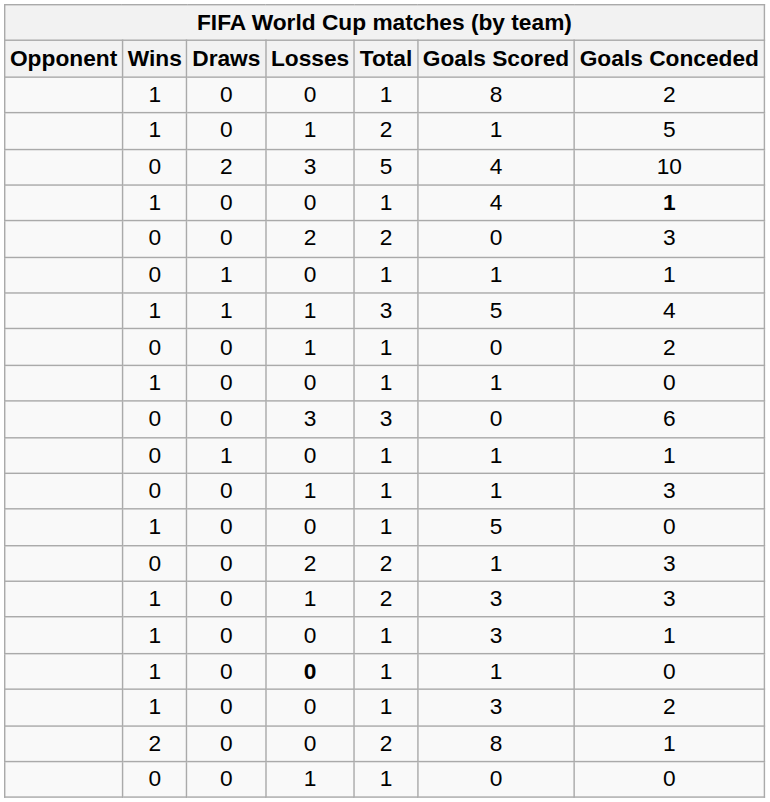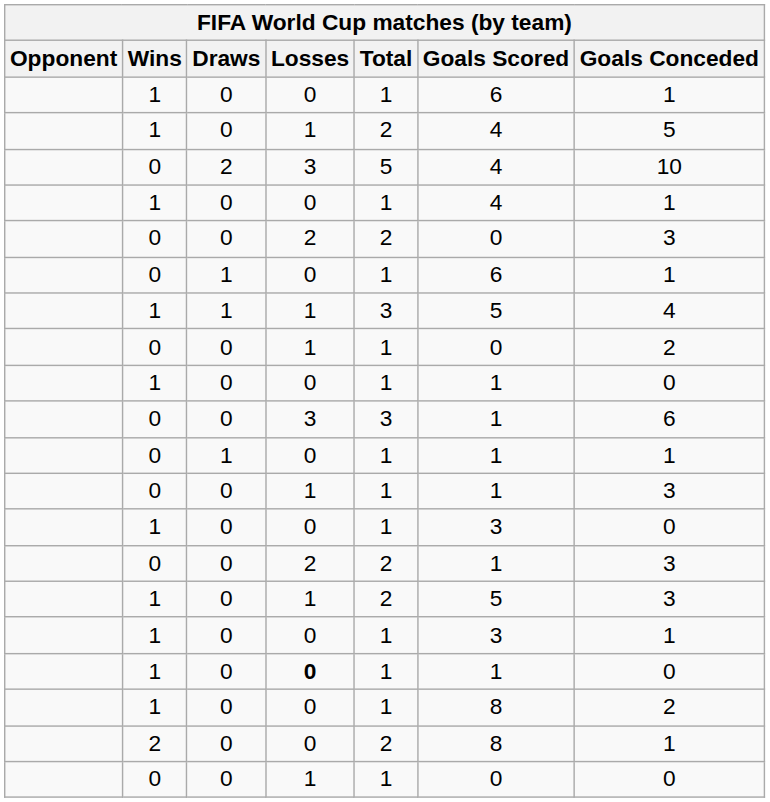 <table class="wikitable sortable" style="text-align: center;">
 <tr>
 <th colspan=7>FIFA World Cup matches (by team)</th>
 </tr>
 <tr>
 <th>Opponent</th>
 <th>Wins</th>
 <th>Draws</th>
 <th>Losses</th>
 <th>Total</th>
 <th>Goals Scored</th>
 <th>Goals Conceded</th>
 </tr>
 <tr>
 <td align="left"></td>
 <td>1</td>
 <td>0</td>
 <td>0</td>
 <td>1</td>
-<td>8</td>
-<td>2</td>
+<td>6</td>
+<td>1</td>
 </tr>
 <tr>
 <td align="left"></td>
 <td>1</td>
 <td>0</td>
 <td>1</td>
 <td>2</td>
-<td>1</td>
+<td>4</td>
 <td>5</td>
 </tr>
 <tr>
 <td align="left"></td>
 <td>0</td>
 <td>2</td>
 <td>3</td>
 <td>5</td>
 <td>4</td>
 <td>10</td>
 </tr>
 <tr>
 <td align="left"></td>
 <td>1</td>
 <td>0</td>
 <td>0</td>
 <td>1</td>
 <td>4</td>
-<td><strong>1</strong></td>
+<td>1</td>
 </tr>
 <tr>
 <td align="left"></td>
 <td>0</td>
 <td>0</td>
 <td>2</td>
 <td>2</td>
 <td>0</td>
 <td>3</td>
 </tr>
 <tr>
 <td align="left"></td>
 <td>0</td>
 <td>1</td>
 <td>0</td>
 <td>1</td>
-<td>1</td>
+<td>6</td>
 <td>1</td>
 </tr>
 <tr>
 <td align="left"></td>
 <td>1</td>
 <td>1</td>
 <td>1</td>
 <td>3</td>
 <td>5</td>
 <td>4</td>
 </tr>
 <tr>
 <td align="left"></td>
 <td>0</td>
 <td>0</td>
 <td>1</td>
 <td>1</td>
 <td>0</td>
 <td>2</td>
 </tr>
 <tr>
 <td align="left"></td>
 <td>1</td>
 <td>0</td>
 <td>0</td>
 <td>1</td>
 <td>1</td>
 <td>0</td>
 </tr>
 <tr>
 <td align="left"></td>
 <td>0</td>
 <td>0</td>
 <td>3</td>
 <td>3</td>
-<td>0</td>
+<td>1</td>
 <td>6</td>
 </tr>
 <tr>
 <td align="left"></td>
 <td>0</td>
 <td>1</td>
 <td>0</td>
 <td>1</td>
 <td>1</td>
 <td>1</td>
 </tr>
 <tr>
 <td align="left"></td>
 <td>0</td>
 <td>0</td>
 <td>1</td>
 <td>1</td>
 <td>1</td>
 <td>3</td>
 </tr>
 <tr>
 <td align="left"></td>
 <td>1</td>
 <td>0</td>
 <td>0</td>
 <td>1</td>
-<td>5</td>
+<td>3</td>
 <td>0</td>
 </tr>
 <tr>
 <td align="left"></td>
 <td>0</td>
 <td>0</td>
 <td>2</td>
 <td>2</td>
 <td>1</td>
 <td>3</td>
 </tr>
 <tr>
 <td align="left"></td>
 <td>1</td>
 <td>0</td>
 <td>1</td>
 <td>2</td>
-<td>3</td>
+<td>5</td>
 <td>3</td>
 </tr>
 <tr>
 <td align="left"></td>
 <td>1</td>
 <td>0</td>
 <td>0</td>
 <td>1</td>
 <td>3</td>
 <td>1</td>
 </tr>
 <tr>
 <td align="left"></td>
 <td>1</td>
 <td>0</td>
 <td><strong>0</strong></td>
 <td>1</td>
 <td>1</td>
 <td>0</td>
 </tr>
 <tr>
 <td align="left"></td>
 <td>1</td>
 <td>0</td>
 <td>0</td>
 <td>1</td>
-<td>3</td>
+<td>8</td>
 <td>2</td>
 </tr>
 <tr>
 <td align="left"></td>
 <td>2</td>
 <td>0</td>
 <td>0</td>
 <td>2</td>
 <td>8</td>
 <td>1</td>
 </tr>
 <tr>
 <td align="left"></td>
 <td>0</td>
 <td>0</td>
 <td>1</td>
 <td>1</td>
 <td>0</td>
 <td>0</td>
 </tr>
 </table>
